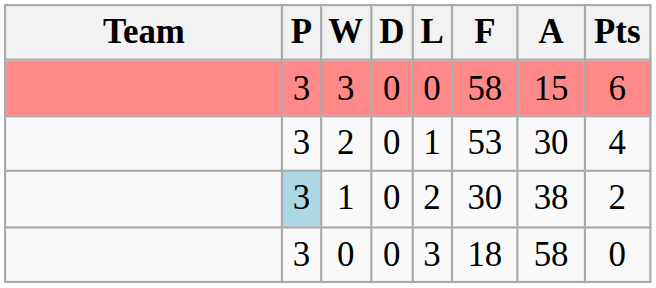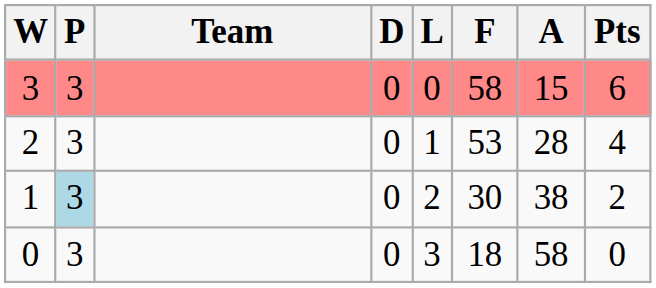 <table class="wikitable" style="text-align:center;">
 <tr>
+<th>W</th>
+<th>P</th>
 <th width="120px">Team</th>
-<th>P</th>
-<th>W</th>
 <th>D</th>
 <th>L</th>
 <th width="23px">F</th>
 <th width="23px">A</th>
 <th width="23px">Pts</th>
 </tr>
 <tr bgcolor="#FF8888">
-<td></td>
 <td>3</td>
 <td>3</td>
+<td></td>
 <td>0</td>
 <td>0</td>
 <td>58</td>
 <td>15</td>
 <td>6</td>
 </tr>
 <tr>
+<td>2</td>
+<td>3</td>
 <td></td>
-<td>3</td>
-<td>2</td>
 <td>0</td>
 <td>1</td>
 <td>53</td>
-<td>30</td>
+<td>28</td>
 <td>4</td>
 </tr>
 <tr>
+<td>1</td>
+<td style="background: lightblue;">3</td>
 <td></td>
-<td style="background: lightblue;">3</td>
-<td>1</td>
 <td>0</td>
 <td>2</td>
 <td>30</td>
 <td>38</td>
 <td>2</td>
 </tr>
 <tr>
+<td>0</td>
+<td>3</td>
 <td></td>
-<td>3</td>
-<td>0</td>
 <td>0</td>
 <td>3</td>
 <td>18</td>
 <td>58</td>
 <td>0</td>
 </tr>
 </table>
